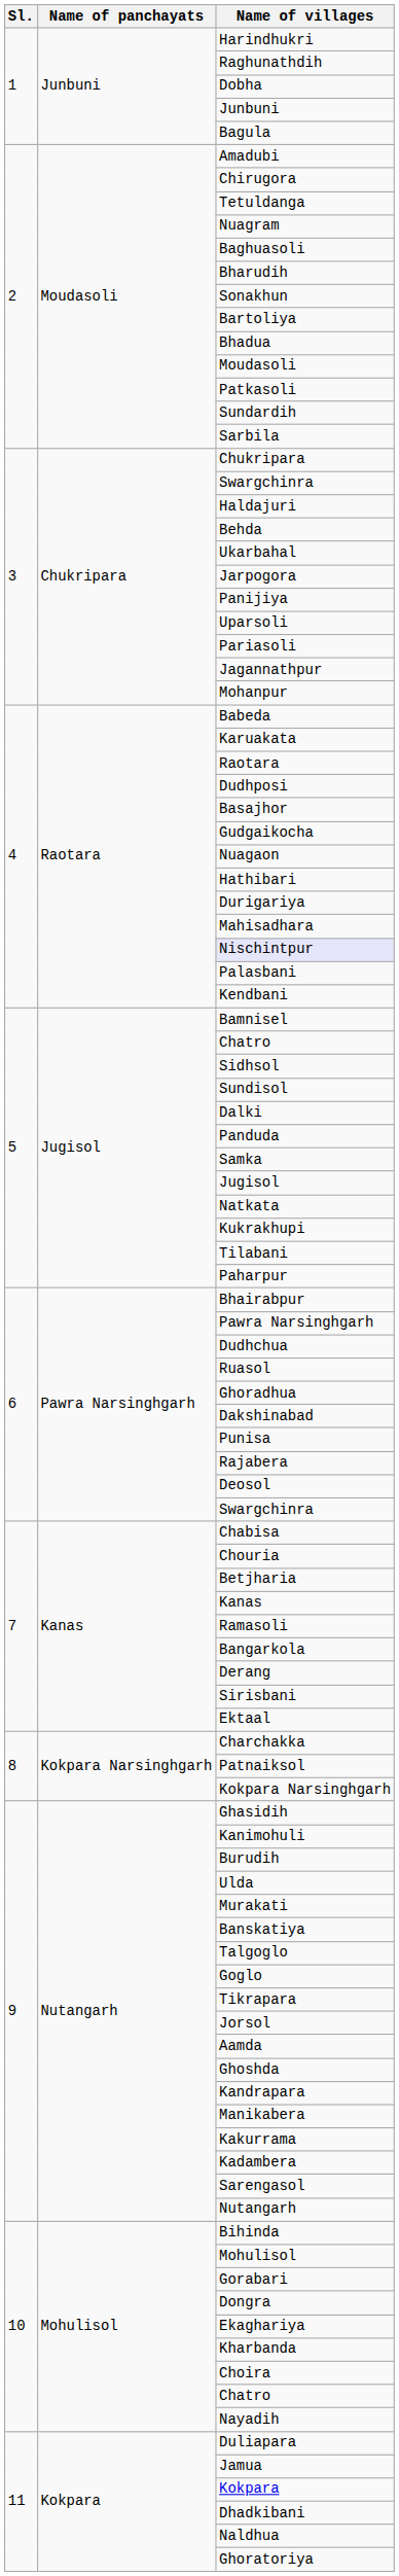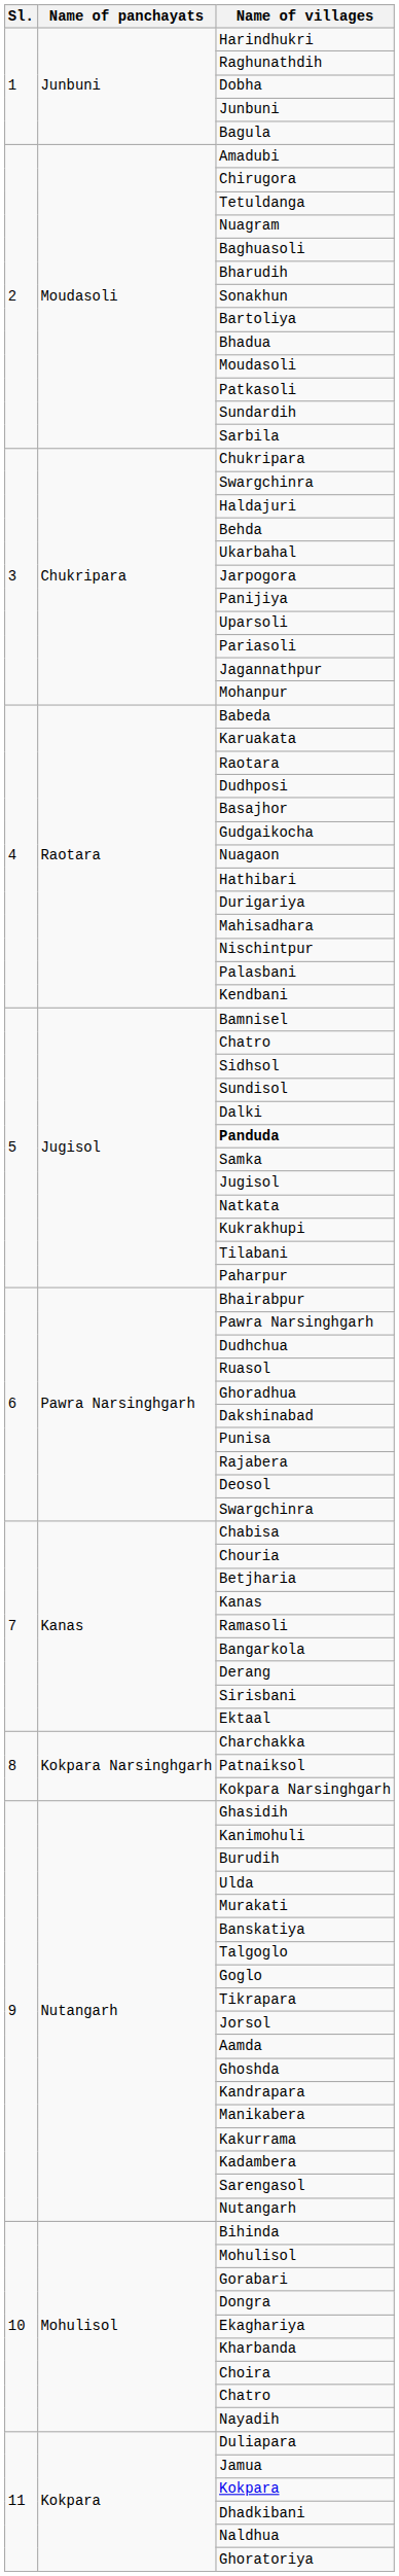 <table class="wikitable plainrowheaders sortable">
 <tr>
 <th scope="col">Sl.</th>
 <th scope="col">Name of panchayats</th>
 <th scope="col">Name of villages</th>
 </tr>
 <tr>
 <td rowspan="5">1</td>
 <td rowspan="5">Junbuni</td>
 <td>Harindhukri</td>
 </tr>
 <tr>
 <td>Raghunathdih</td>
 </tr>
 <tr>
 <td>Dobha</td>
 </tr>
 <tr>
 <td>Junbuni</td>
 </tr>
 <tr>
 <td>Bagula</td>
 </tr>
 <tr>
 <td rowspan="13">2</td>
 <td rowspan="13">Moudasoli</td>
 <td>Amadubi</td>
 </tr>
 <tr>
 <td>Chirugora</td>
 </tr>
 <tr>
 <td>Tetuldanga</td>
 </tr>
 <tr>
 <td>Nuagram</td>
 </tr>
 <tr>
 <td>Baghuasoli</td>
 </tr>
 <tr>
 <td>Bharudih</td>
 </tr>
 <tr>
 <td>Sonakhun</td>
 </tr>
 <tr>
 <td>Bartoliya</td>
 </tr>
 <tr>
 <td>Bhadua</td>
 </tr>
 <tr>
 <td>Moudasoli</td>
 </tr>
 <tr>
 <td>Patkasoli</td>
 </tr>
 <tr>
 <td>Sundardih</td>
 </tr>
 <tr>
 <td>Sarbila</td>
 </tr>
 <tr>
 <td rowspan="11">3</td>
 <td rowspan="11">Chukripara</td>
 <td>Chukripara</td>
 </tr>
 <tr>
 <td>Swargchinra</td>
 </tr>
 <tr>
 <td>Haldajuri</td>
 </tr>
 <tr>
 <td>Behda</td>
 </tr>
 <tr>
 <td>Ukarbahal</td>
 </tr>
 <tr>
 <td>Jarpogora</td>
 </tr>
 <tr>
 <td>Panijiya</td>
 </tr>
 <tr>
 <td>Uparsoli</td>
 </tr>
 <tr>
 <td>Pariasoli</td>
 </tr>
 <tr>
 <td>Jagannathpur</td>
 </tr>
 <tr>
 <td>Mohanpur</td>
 </tr>
 <tr>
 <td rowspan="13">4</td>
 <td rowspan="13">Raotara</td>
 <td>Babeda</td>
 </tr>
 <tr>
 <td>Karuakata</td>
 </tr>
 <tr>
 <td>Raotara</td>
 </tr>
 <tr>
 <td>Dudhposi</td>
 </tr>
 <tr>
 <td>Basajhor</td>
 </tr>
 <tr>
 <td>Gudgaikocha</td>
 </tr>
 <tr>
 <td>Nuagaon</td>
 </tr>
 <tr>
 <td>Hathibari</td>
 </tr>
 <tr>
 <td>Durigariya</td>
 </tr>
 <tr>
 <td>Mahisadhara</td>
 </tr>
 <tr>
-<td style="background: lavender;">Nischintpur</td>
+<td>Nischintpur</td>
 </tr>
 <tr>
 <td>Palasbani</td>
 </tr>
 <tr>
 <td>Kendbani</td>
 </tr>
 <tr>
 <td rowspan="12">5</td>
 <td rowspan="12">Jugisol</td>
 <td>Bamnisel</td>
 </tr>
 <tr>
 <td>Chatro</td>
 </tr>
 <tr>
 <td>Sidhsol</td>
 </tr>
 <tr>
 <td>Sundisol</td>
 </tr>
 <tr>
 <td>Dalki</td>
 </tr>
 <tr>
-<td>Panduda</td>
+<td><strong>Panduda</strong></td>
 </tr>
 <tr>
 <td>Samka</td>
 </tr>
 <tr>
 <td>Jugisol</td>
 </tr>
 <tr>
 <td>Natkata</td>
 </tr>
 <tr>
 <td>Kukrakhupi</td>
 </tr>
 <tr>
 <td>Tilabani</td>
 </tr>
 <tr>
 <td>Paharpur</td>
 </tr>
 <tr>
 <td rowspan="10">6</td>
 <td rowspan="10">Pawra Narsinghgarh</td>
 <td>Bhairabpur</td>
 </tr>
 <tr>
 <td>Pawra Narsinghgarh</td>
 </tr>
 <tr>
 <td>Dudhchua</td>
 </tr>
 <tr>
 <td>Ruasol</td>
 </tr>
 <tr>
 <td>Ghoradhua</td>
 </tr>
 <tr>
 <td>Dakshinabad</td>
 </tr>
 <tr>
 <td>Punisa</td>
 </tr>
 <tr>
 <td>Rajabera</td>
 </tr>
 <tr>
 <td>Deosol</td>
 </tr>
 <tr>
 <td>Swargchinra</td>
 </tr>
 <tr>
 <td rowspan="9">7</td>
 <td rowspan="9">Kanas</td>
 <td>Chabisa</td>
 </tr>
 <tr>
 <td>Chouria</td>
 </tr>
 <tr>
 <td>Betjharia</td>
 </tr>
 <tr>
 <td>Kanas</td>
 </tr>
 <tr>
 <td>Ramasoli</td>
 </tr>
 <tr>
 <td>Bangarkola</td>
 </tr>
 <tr>
 <td>Derang</td>
 </tr>
 <tr>
 <td>Sirisbani</td>
 </tr>
 <tr>
 <td>Ektaal</td>
 </tr>
 <tr>
 <td rowspan="3">8</td>
 <td rowspan="3">Kokpara Narsinghgarh</td>
 <td>Charchakka</td>
 </tr>
 <tr>
 <td>Patnaiksol</td>
 </tr>
 <tr>
 <td>Kokpara Narsinghgarh</td>
 </tr>
 <tr>
 <td rowspan="18">9</td>
 <td rowspan="18">Nutangarh</td>
 <td>Ghasidih</td>
 </tr>
 <tr>
 <td>Kanimohuli</td>
 </tr>
 <tr>
 <td>Burudih</td>
 </tr>
 <tr>
 <td>Ulda</td>
 </tr>
 <tr>
 <td>Murakati</td>
 </tr>
 <tr>
 <td>Banskatiya</td>
 </tr>
 <tr>
 <td>Talgoglo</td>
 </tr>
 <tr>
 <td>Goglo</td>
 </tr>
 <tr>
 <td>Tikrapara</td>
 </tr>
 <tr>
 <td>Jorsol</td>
 </tr>
 <tr>
 <td>Aamda</td>
 </tr>
 <tr>
 <td>Ghoshda</td>
 </tr>
 <tr>
 <td>Kandrapara</td>
 </tr>
 <tr>
 <td>Manikabera</td>
 </tr>
 <tr>
 <td>Kakurrama</td>
 </tr>
 <tr>
 <td>Kadambera</td>
 </tr>
 <tr>
 <td>Sarengasol</td>
 </tr>
 <tr>
 <td>Nutangarh</td>
 </tr>
 <tr>
 <td rowspan="9">10</td>
 <td rowspan="9">Mohulisol</td>
 <td>Bihinda</td>
 </tr>
 <tr>
 <td>Mohulisol</td>
 </tr>
 <tr>
 <td>Gorabari</td>
 </tr>
 <tr>
 <td>Dongra</td>
 </tr>
 <tr>
 <td>Ekaghariya</td>
 </tr>
 <tr>
 <td>Kharbanda</td>
 </tr>
 <tr>
 <td>Choira</td>
 </tr>
 <tr>
 <td>Chatro</td>
 </tr>
 <tr>
 <td>Nayadih</td>
 </tr>
 <tr>
 <td rowspan="6">11</td>
 <td rowspan="6">Kokpara</td>
 <td>Duliapara</td>
 </tr>
 <tr>
 <td>Jamua</td>
 </tr>
 <tr>
 <td><a href='#'>Kokpara</a></td>
 </tr>
 <tr>
 <td>Dhadkibani</td>
 </tr>
 <tr>
 <td>Naldhua</td>
 </tr>
 <tr>
 <td>Ghoratoriya</td>
 </tr>
 <tr>
 </tr>
 </table>
